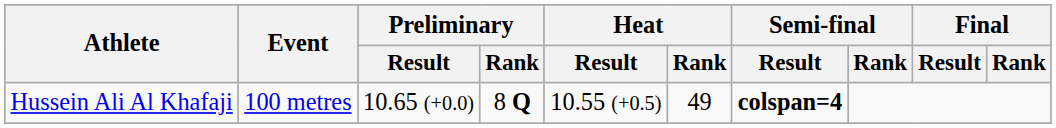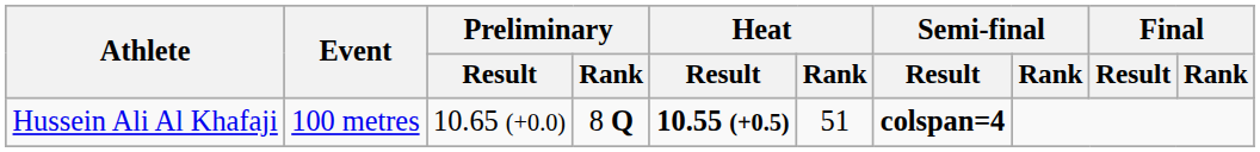 <table class=wikitable style=font-size:90%>
 <tr>
 <th rowspan=2>Athlete</th>
 <th rowspan=2>Event</th>
 <th colspan=2>Preliminary</th>
 <th colspan=2>Heat</th>
 <th colspan=2>Semi-final</th>
 <th colspan=2>Final</th>
 </tr>
 <tr style=font-size:95%>
 <th>Result</th>
 <th>Rank</th>
 <th>Result</th>
 <th>Rank</th>
 <th>Result</th>
 <th>Rank</th>
 <th>Result</th>
 <th>Rank</th>
 </tr>
 <tr align=center>
 <td align=left><a href='#'>Hussein Ali Al Khafaji</a></td>
 <td align=left><a href='#'>100 metres</a></td>
 <td>10.65 <small>(+0.0)</small></td>
 <td>8 <strong>Q</strong></td>
-<td>10.55 <small>(+0.5)</small></td>
-<td>49</td>
+<td><strong>10.55 <small>(+0.5)</small></strong></td>
+<td>51</td>
 <td><strong>colspan=4 </strong></td>
 </tr>
 </table>
